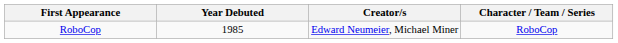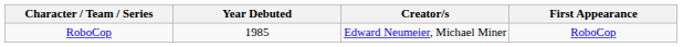 <table class="wikitable" style="text-align:center">
 <tr>
-<th style="width:25%;">First Appearance</th>
+<th style="width:25%;">Character / Team / Series</th>
 <th style="width:25%;">Year Debuted</th>
 <th style="width:25%;">Creator/s</th>
-<th style="width:25%;">Character / Team / Series</th>
+<th style="width:25%;">First Appearance</th>
 </tr>
 <tr>
 <td><a href='#'>RoboCop</a></td>
 <td>1985</td>
 <td><a href='#'>Edward Neumeier</a>, Michael Miner</td>
 <td><a href='#'>RoboCop</a></td>
 </tr>
 </table>
